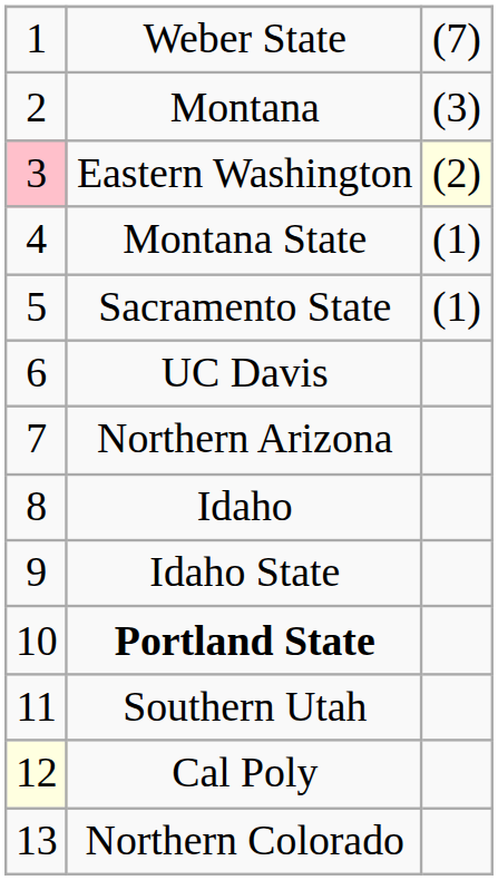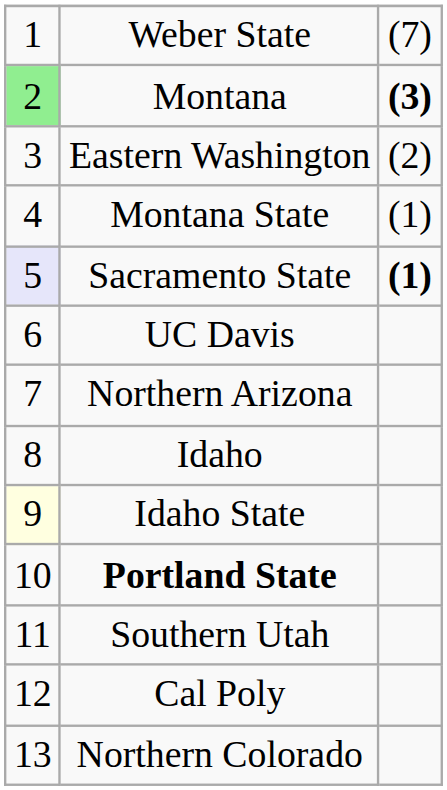 <table class="wikitable" style="display: inline-table;">
 <tr align="center">
 </tr>
 <tr align="center">
 <td>1</td>
 <td>Weber State</td>
 <td>(7)</td>
 </tr>
 <tr align="center">
-<td>2</td>
+<td style="background: lightgreen;">2</td>
 <td>Montana</td>
-<td>(3)</td>
+<td><strong>(3)</strong></td>
 </tr>
 <tr align="center">
-<td style="background: pink;">3</td>
+<td>3</td>
 <td>Eastern Washington</td>
-<td style="background: lightyellow;">(2)</td>
+<td>(2)</td>
 </tr>
 <tr align="center">
 <td>4</td>
 <td>Montana State</td>
 <td>(1)</td>
 </tr>
 <tr align="center">
-<td>5</td>
+<td style="background: lavender;">5</td>
 <td>Sacramento State</td>
-<td>(1)</td>
+<td><strong>(1)</strong></td>
 </tr>
 <tr align="center">
 <td>6</td>
 <td>UC Davis</td>
 <td></td>
 </tr>
 <tr align="center">
 <td>7</td>
 <td>Northern Arizona</td>
 <td></td>
 </tr>
 <tr align="center">
 <td>8</td>
 <td>Idaho</td>
 <td></td>
 </tr>
 <tr align="center">
-<td>9</td>
+<td style="background: lightyellow;">9</td>
 <td>Idaho State</td>
 <td></td>
 </tr>
 <tr align="center">
 <td>10</td>
 <td><strong>Portland State</strong></td>
 <td></td>
 </tr>
 <tr align="center">
 <td>11</td>
 <td>Southern Utah</td>
 <td></td>
 </tr>
 <tr align="center">
-<td style="background: lightyellow;">12</td>
+<td>12</td>
 <td>Cal Poly</td>
 <td></td>
 </tr>
 <tr align="center">
 <td>13</td>
 <td>Northern Colorado</td>
 <td></td>
 </tr>
 </table>
